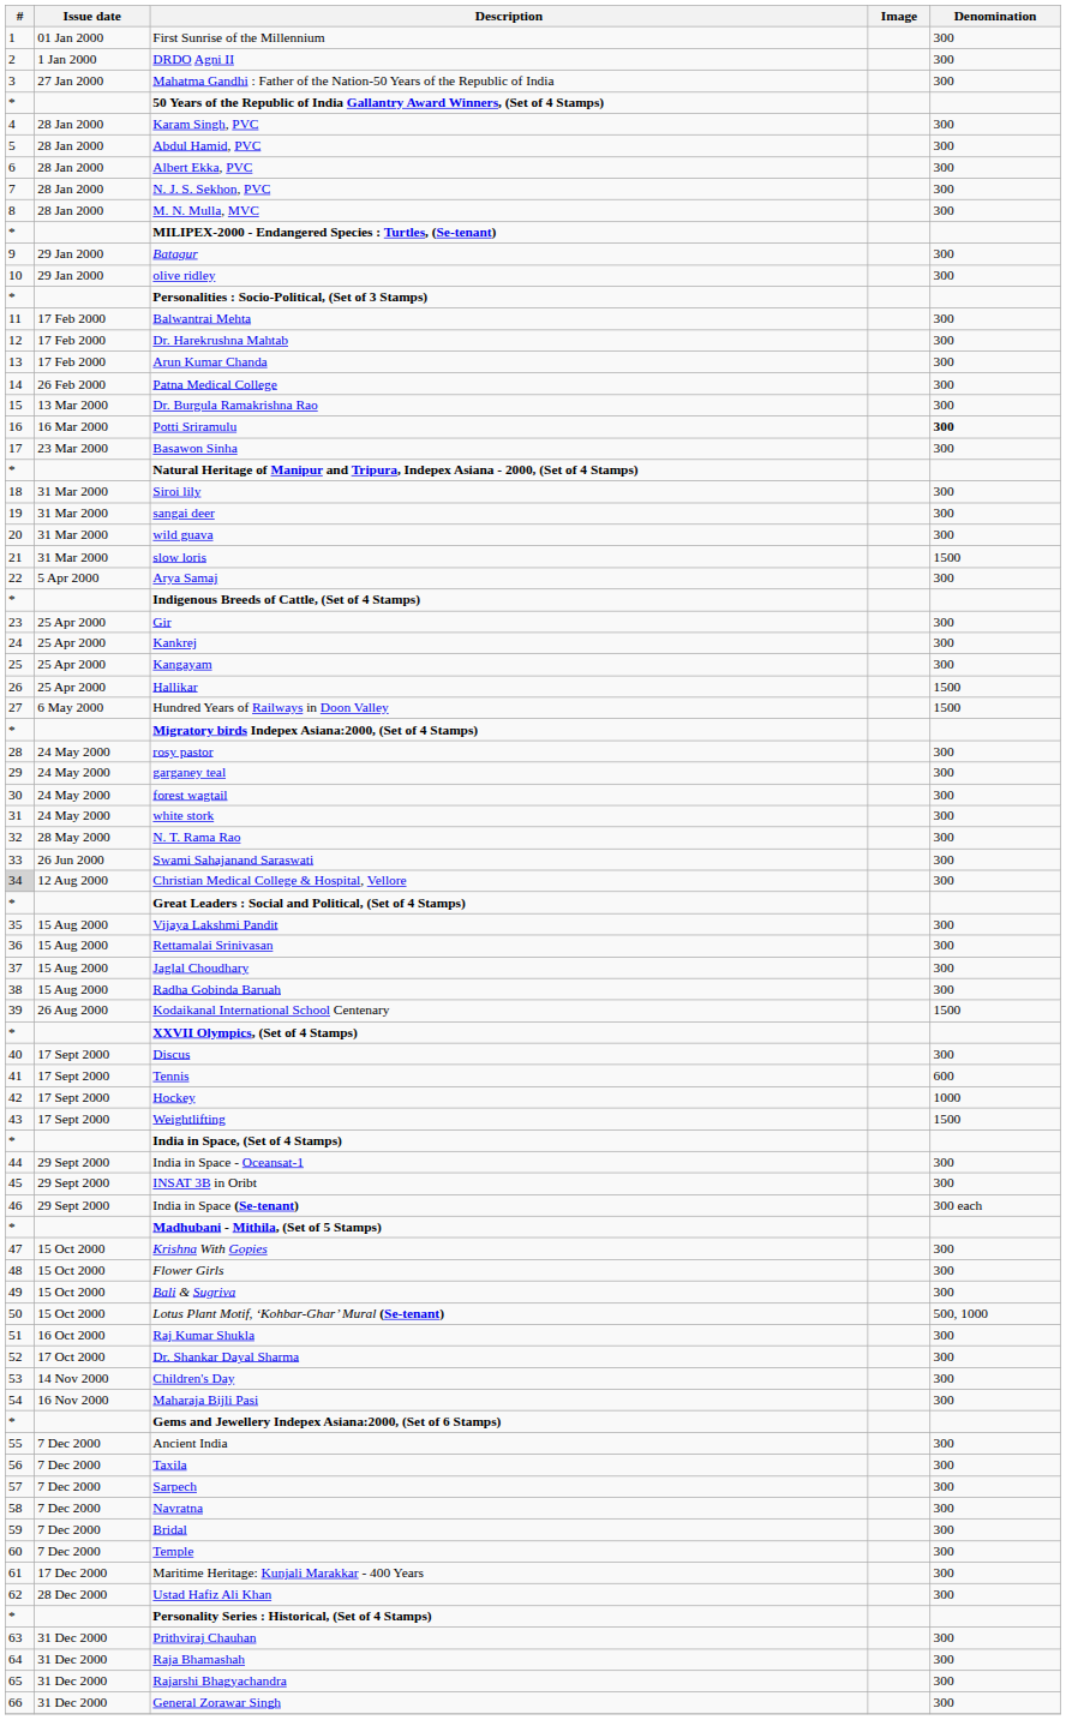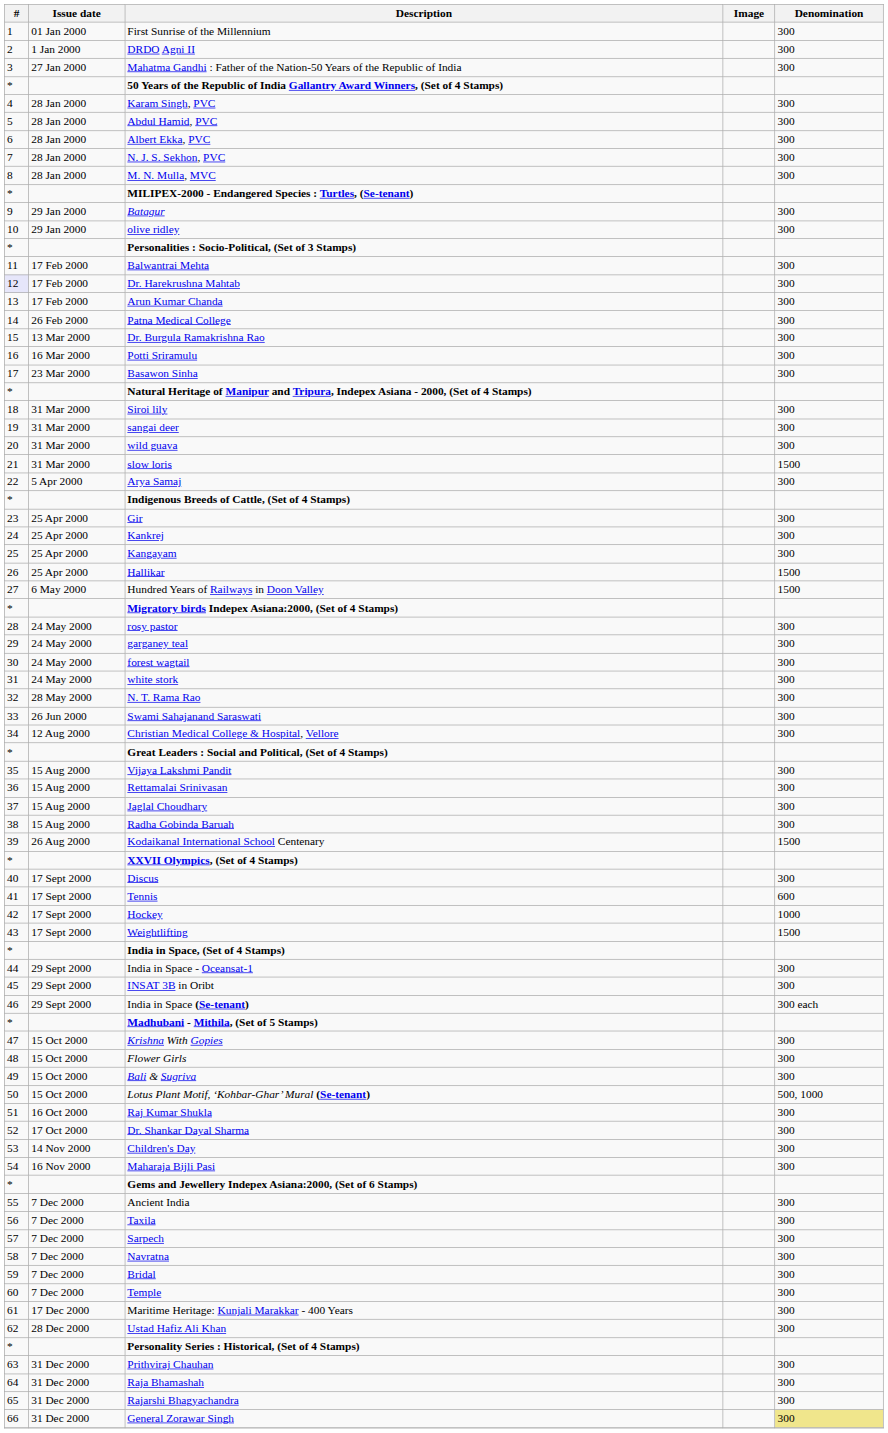 <table class="wikitable" style="text-align:justify" width="98%">
 <tr>
 <th>#</th>
 <th>Issue date</th>
 <th>Description</th>
 <th>Image</th>
 <th>Denomination</th>
 </tr>
 <tr>
 <td>1</td>
 <td>01 Jan 2000</td>
 <td>First Sunrise of the Millennium</td>
 <td></td>
 <td>300</td>
 </tr>
 <tr>
 <td>2</td>
 <td>1 Jan 2000</td>
 <td><a href='#'>DRDO</a> <a href='#'>Agni II</a></td>
 <td></td>
 <td>300</td>
 </tr>
 <tr>
 <td>3</td>
 <td>27 Jan 2000</td>
 <td><a href='#'>Mahatma Gandhi</a> : Father of the Nation-50 Years of the Republic of India</td>
 <td></td>
 <td>300</td>
 </tr>
 <tr>
 <td>*</td>
 <td></td>
 <td><strong>50 Years of the Republic of India <a href='#'>Gallantry Award Winners</a>, (Set of 4 Stamps)</strong></td>
 <td></td>
 <td></td>
 </tr>
 <tr>
 <td>4</td>
 <td>28 Jan 2000</td>
 <td><a href='#'>Karam Singh</a>, <a href='#'>PVC</a></td>
 <td></td>
 <td>300</td>
 </tr>
 <tr>
 <td>5</td>
 <td>28 Jan 2000</td>
 <td><a href='#'>Abdul Hamid</a>, <a href='#'>PVC</a></td>
 <td></td>
 <td>300</td>
 </tr>
 <tr>
 <td>6</td>
 <td>28 Jan 2000</td>
 <td><a href='#'>Albert Ekka</a>, <a href='#'>PVC</a></td>
 <td></td>
 <td>300</td>
 </tr>
 <tr>
 <td>7</td>
 <td>28 Jan 2000</td>
 <td><a href='#'>N. J. S. Sekhon</a>, <a href='#'>PVC</a></td>
 <td></td>
 <td>300</td>
 </tr>
 <tr>
 <td>8</td>
 <td>28 Jan 2000</td>
 <td><a href='#'>M. N. Mulla</a>, <a href='#'>MVC</a></td>
 <td></td>
 <td>300</td>
 </tr>
 <tr>
 <td>*</td>
 <td></td>
 <td><strong>MILIPEX-2000 - Endangered Species : <a href='#'>Turtles</a>, (<a href='#'>Se-tenant</a>)</strong></td>
 <td></td>
 <td></td>
 </tr>
 <tr>
 <td>9</td>
 <td>29 Jan 2000</td>
 <td><em><a href='#'>Batagur</a></em></td>
 <td></td>
 <td>300</td>
 </tr>
 <tr>
 <td>10</td>
 <td>29 Jan 2000</td>
 <td><a href='#'>olive ridley</a></td>
 <td></td>
 <td>300</td>
 </tr>
 <tr>
 <td>*</td>
 <td></td>
 <td><strong>Personalities : Socio-Political, (Set of 3 Stamps)</strong></td>
 <td></td>
 <td></td>
 </tr>
 <tr>
 <td>11</td>
 <td>17 Feb 2000</td>
 <td><a href='#'>Balwantrai Mehta</a></td>
 <td></td>
 <td>300</td>
 </tr>
 <tr>
-<td>12</td>
+<td style="background: lavender;">12</td>
 <td>17 Feb 2000</td>
 <td><a href='#'>Dr. Harekrushna Mahtab</a></td>
 <td></td>
 <td>300</td>
 </tr>
 <tr>
 <td>13</td>
 <td>17 Feb 2000</td>
 <td><a href='#'>Arun Kumar Chanda</a></td>
 <td></td>
 <td>300</td>
 </tr>
 <tr>
 <td>14</td>
 <td>26 Feb 2000</td>
 <td><a href='#'>Patna Medical College</a></td>
 <td></td>
 <td>300</td>
 </tr>
 <tr>
 <td>15</td>
 <td>13 Mar 2000</td>
 <td><a href='#'>Dr. Burgula Ramakrishna Rao</a></td>
 <td></td>
 <td>300</td>
 </tr>
 <tr>
 <td>16</td>
 <td>16 Mar 2000</td>
 <td><a href='#'>Potti Sriramulu</a></td>
 <td></td>
-<td><strong>300</strong></td>
+<td>300</td>
 </tr>
 <tr>
 <td>17</td>
 <td>23 Mar 2000</td>
 <td><a href='#'>Basawon Sinha</a></td>
 <td></td>
 <td>300</td>
 </tr>
 <tr>
 <td>*</td>
 <td></td>
 <td><strong>Natural Heritage of <a href='#'>Manipur</a> and <a href='#'>Tripura</a>, Indepex Asiana - 2000, (Set of 4 Stamps)</strong></td>
 <td></td>
 <td></td>
 </tr>
 <tr>
 <td>18</td>
 <td>31 Mar 2000</td>
 <td><a href='#'>Siroi lily</a></td>
 <td></td>
 <td>300</td>
 </tr>
 <tr>
 <td>19</td>
 <td>31 Mar 2000</td>
 <td><a href='#'>sangai deer</a></td>
 <td></td>
 <td>300</td>
 </tr>
 <tr>
 <td>20</td>
 <td>31 Mar 2000</td>
 <td><a href='#'>wild guava</a></td>
 <td></td>
 <td>300</td>
 </tr>
 <tr>
 <td>21</td>
 <td>31 Mar 2000</td>
 <td><a href='#'>slow loris</a></td>
 <td></td>
 <td>1500</td>
 </tr>
 <tr>
 <td>22</td>
 <td>5 Apr 2000</td>
 <td><a href='#'>Arya Samaj</a></td>
 <td></td>
 <td>300</td>
 </tr>
 <tr>
 <td>*</td>
 <td></td>
 <td><strong>Indigenous Breeds of Cattle, (Set of 4 Stamps)</strong></td>
 <td></td>
 <td></td>
 </tr>
 <tr>
 <td>23</td>
 <td>25 Apr 2000</td>
 <td><a href='#'>Gir</a></td>
 <td></td>
 <td>300</td>
 </tr>
 <tr>
 <td>24</td>
 <td>25 Apr 2000</td>
 <td><a href='#'>Kankrej</a></td>
 <td></td>
 <td>300</td>
 </tr>
 <tr>
 <td>25</td>
 <td>25 Apr 2000</td>
 <td><a href='#'>Kangayam</a></td>
 <td></td>
 <td>300</td>
 </tr>
 <tr>
 <td>26</td>
 <td>25 Apr 2000</td>
 <td><a href='#'>Hallikar</a></td>
 <td></td>
 <td>1500</td>
 </tr>
 <tr>
 <td>27</td>
 <td>6 May 2000</td>
 <td>Hundred Years of <a href='#'>Railways</a> in <a href='#'>Doon Valley</a></td>
 <td></td>
 <td>1500</td>
 </tr>
 <tr>
 <td>*</td>
 <td></td>
 <td><strong><a href='#'>Migratory birds</a> Indepex Asiana:2000, (Set of 4 Stamps)</strong></td>
 <td></td>
 <td></td>
 </tr>
 <tr>
 <td>28</td>
 <td>24 May 2000</td>
 <td><a href='#'>rosy pastor</a></td>
 <td></td>
 <td>300</td>
 </tr>
 <tr>
 <td>29</td>
 <td>24 May 2000</td>
 <td><a href='#'>garganey teal</a></td>
 <td></td>
 <td>300</td>
 </tr>
 <tr>
 <td>30</td>
 <td>24 May 2000</td>
 <td><a href='#'>forest wagtail</a></td>
 <td></td>
 <td>300</td>
 </tr>
 <tr>
 <td>31</td>
 <td>24 May 2000</td>
 <td><a href='#'>white stork</a></td>
 <td></td>
 <td>300</td>
 </tr>
 <tr>
 <td>32</td>
 <td>28 May 2000</td>
 <td><a href='#'>N. T. Rama Rao</a></td>
 <td></td>
 <td>300</td>
 </tr>
 <tr>
 <td>33</td>
 <td>26 Jun 2000</td>
 <td><a href='#'>Swami Sahajanand Saraswati</a></td>
 <td></td>
 <td>300</td>
 </tr>
 <tr>
-<td style="background: lightgrey;">34</td>
+<td>34</td>
 <td>12 Aug 2000</td>
 <td><a href='#'>Christian Medical College & Hospital</a>, <a href='#'>Vellore</a></td>
 <td></td>
 <td>300</td>
 </tr>
 <tr>
 <td>*</td>
 <td></td>
 <td><strong>Great Leaders : Social and Political, (Set of 4 Stamps)</strong></td>
 <td></td>
 <td></td>
 </tr>
 <tr>
 <td>35</td>
 <td>15 Aug 2000</td>
 <td><a href='#'>Vijaya Lakshmi Pandit</a></td>
 <td></td>
 <td>300</td>
 </tr>
 <tr>
 <td>36</td>
 <td>15 Aug 2000</td>
 <td><a href='#'>Rettamalai Srinivasan</a></td>
 <td></td>
 <td>300</td>
 </tr>
 <tr>
 <td>37</td>
 <td>15 Aug 2000</td>
 <td><a href='#'>Jaglal Choudhary</a></td>
 <td></td>
 <td>300</td>
 </tr>
 <tr>
 <td>38</td>
 <td>15 Aug 2000</td>
 <td><a href='#'>Radha Gobinda Baruah</a></td>
 <td></td>
 <td>300</td>
 </tr>
 <tr>
 <td>39</td>
 <td>26 Aug 2000</td>
 <td><a href='#'>Kodaikanal International School</a> Centenary</td>
 <td></td>
 <td>1500</td>
 </tr>
 <tr>
 <td>*</td>
 <td></td>
 <td><strong><a href='#'>XXVII Olympics</a>, (Set of 4 Stamps)</strong></td>
 <td></td>
 <td></td>
 </tr>
 <tr>
 <td>40</td>
 <td>17 Sept 2000</td>
 <td><a href='#'>Discus</a></td>
 <td></td>
 <td>300</td>
 </tr>
 <tr>
 <td>41</td>
 <td>17 Sept 2000</td>
 <td><a href='#'>Tennis</a></td>
 <td></td>
 <td>600</td>
 </tr>
 <tr>
 <td>42</td>
 <td>17 Sept 2000</td>
 <td><a href='#'>Hockey</a></td>
 <td></td>
 <td>1000</td>
 </tr>
 <tr>
 <td>43</td>
 <td>17 Sept 2000</td>
 <td><a href='#'>Weightlifting</a></td>
 <td></td>
 <td>1500</td>
 </tr>
 <tr>
 <td>*</td>
 <td></td>
 <td><strong>India in Space, (Set of 4 Stamps)</strong></td>
 <td></td>
 <td></td>
 </tr>
 <tr>
 <td>44</td>
 <td>29 Sept 2000</td>
 <td>India in Space - <a href='#'>Oceansat-1</a></td>
 <td></td>
 <td>300</td>
 </tr>
 <tr>
 <td>45</td>
 <td>29 Sept 2000</td>
 <td><a href='#'>INSAT 3B</a> in Oribt</td>
 <td></td>
 <td>300</td>
 </tr>
 <tr>
 <td>46</td>
 <td>29 Sept 2000</td>
 <td>India in Space <strong>(<a href='#'>Se-tenant</a>)</strong></td>
 <td></td>
 <td>300 each</td>
 </tr>
 <tr>
 <td>*</td>
 <td></td>
 <td><strong><a href='#'>Madhubani</a> - <a href='#'>Mithila</a>, (Set of 5 Stamps)</strong></td>
 <td></td>
 <td></td>
 </tr>
 <tr>
 <td>47</td>
 <td>15 Oct 2000</td>
 <td><em><a href='#'>Krishna</a> With <a href='#'>Gopies</a></em></td>
 <td></td>
 <td>300</td>
 </tr>
 <tr>
 <td>48</td>
 <td>15 Oct 2000</td>
 <td><em>Flower Girls</em></td>
 <td></td>
 <td>300</td>
 </tr>
 <tr>
 <td>49</td>
 <td>15 Oct 2000</td>
 <td><em><a href='#'>Bali</a> & <a href='#'>Sugriva</a></em></td>
 <td></td>
 <td>300</td>
 </tr>
 <tr>
 <td>50</td>
 <td>15 Oct 2000</td>
 <td><em>Lotus Plant Motif, ‘Kohbar-Ghar’ Mural</em> <strong>(<a href='#'>Se-tenant</a>)</strong></td>
 <td></td>
 <td>500, 1000</td>
 </tr>
 <tr>
 <td>51</td>
 <td>16 Oct 2000</td>
 <td><a href='#'>Raj Kumar Shukla</a></td>
 <td></td>
 <td>300</td>
 </tr>
 <tr>
 <td>52</td>
 <td>17 Oct 2000</td>
 <td><a href='#'>Dr. Shankar Dayal Sharma</a></td>
 <td></td>
 <td>300</td>
 </tr>
 <tr>
 <td>53</td>
 <td>14 Nov 2000</td>
 <td><a href='#'>Children's Day</a></td>
 <td></td>
 <td>300</td>
 </tr>
 <tr>
 <td>54</td>
 <td>16 Nov 2000</td>
 <td><a href='#'>Maharaja Bijli Pasi</a></td>
 <td></td>
 <td>300</td>
 </tr>
 <tr>
 <td>*</td>
 <td></td>
 <td><strong>Gems and Jewellery Indepex Asiana:2000, (Set of 6 Stamps)</strong></td>
 <td></td>
 <td></td>
 </tr>
 <tr>
 <td>55</td>
 <td>7 Dec 2000</td>
 <td>Ancient India</td>
 <td></td>
 <td>300</td>
 </tr>
 <tr>
 <td>56</td>
 <td>7 Dec 2000</td>
 <td><a href='#'>Taxila</a></td>
 <td></td>
 <td>300</td>
 </tr>
 <tr>
 <td>57</td>
 <td>7 Dec 2000</td>
 <td><a href='#'>Sarpech</a></td>
 <td></td>
 <td>300</td>
 </tr>
 <tr>
 <td>58</td>
 <td>7 Dec 2000</td>
 <td><a href='#'>Navratna</a></td>
 <td></td>
 <td>300</td>
 </tr>
 <tr>
 <td>59</td>
 <td>7 Dec 2000</td>
 <td><a href='#'>Bridal</a></td>
 <td></td>
 <td>300</td>
 </tr>
 <tr>
 <td>60</td>
 <td>7 Dec 2000</td>
 <td><a href='#'>Temple</a></td>
 <td></td>
 <td>300</td>
 </tr>
 <tr>
 <td>61</td>
 <td>17 Dec 2000</td>
 <td>Maritime Heritage: <a href='#'>Kunjali Marakkar</a> - 400 Years</td>
 <td></td>
 <td>300</td>
 </tr>
 <tr>
 <td>62</td>
 <td>28 Dec 2000</td>
 <td><a href='#'>Ustad Hafiz Ali Khan</a></td>
 <td></td>
 <td>300</td>
 </tr>
 <tr>
 <td>*</td>
 <td></td>
 <td><strong>Personality Series : Historical, (Set of 4 Stamps)</strong></td>
 <td></td>
 <td></td>
 </tr>
 <tr>
 <td>63</td>
 <td>31 Dec 2000</td>
 <td><a href='#'>Prithviraj Chauhan</a></td>
 <td></td>
 <td>300</td>
 </tr>
 <tr>
 <td>64</td>
 <td>31 Dec 2000</td>
 <td><a href='#'>Raja Bhamashah</a></td>
 <td></td>
 <td>300</td>
 </tr>
 <tr>
 <td>65</td>
 <td>31 Dec 2000</td>
 <td><a href='#'>Rajarshi Bhagyachandra</a></td>
 <td></td>
 <td>300</td>
 </tr>
 <tr>
 <td>66</td>
 <td>31 Dec 2000</td>
 <td><a href='#'>General Zorawar Singh</a></td>
 <td></td>
-<td>300</td>
+<td style="background: khaki;">300</td>
 </tr>
 <tr>
 </tr>
 </table>
